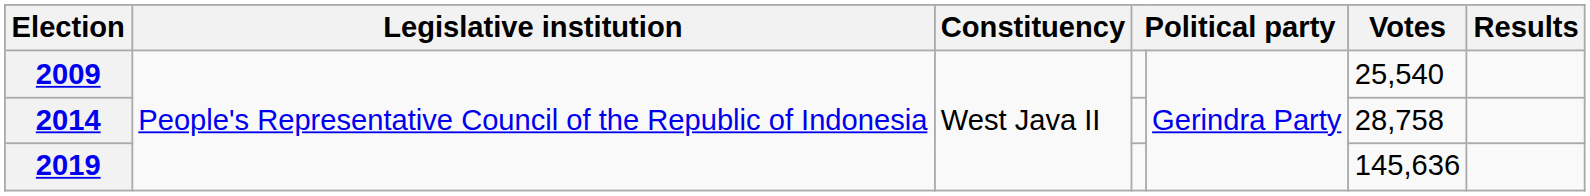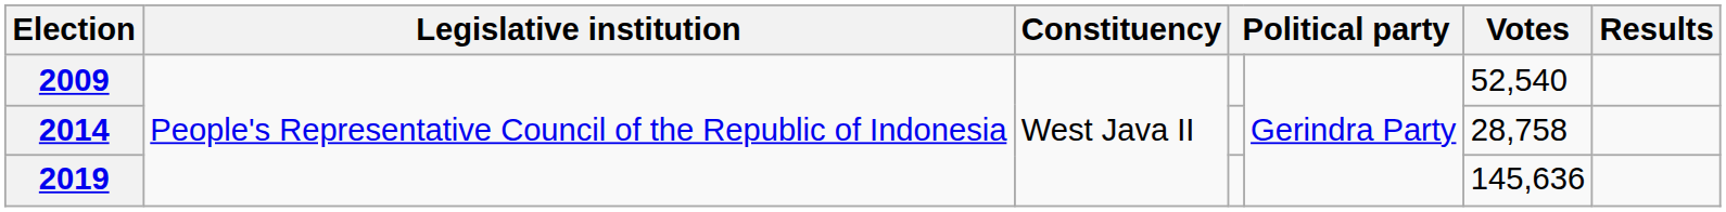 <table class="wikitable">
 <tr>
 <th>Election</th>
 <th><strong>Legislative institution</strong></th>
 <th>Constituency</th>
 <th colspan="2">Political party</th>
 <th>Votes</th>
 <th>Results</th>
 </tr>
 <tr>
 <th><strong><a href='#'>2009</a></strong></th>
 <td rowspan="3"><a href='#'>People's Representative Council of the Republic of Indonesia</a></td>
 <td rowspan="3">West Java II</td>
 <td style="background:"></td>
 <td rowspan="3"><a href='#'>Gerindra Party</a></td>
-<td>25,540</td>
+<td>52,540</td>
 <td></td>
 </tr>
 <tr>
 <th><strong><a href='#'>2014</a></strong></th>
 <td style="background:"></td>
 <td>28,758</td>
 <td></td>
 </tr>
 <tr>
 <th><strong><a href='#'>2019</a></strong></th>
 <td style="background:"></td>
 <td>145,636</td>
 <td></td>
 </tr>
 </table>
